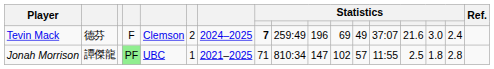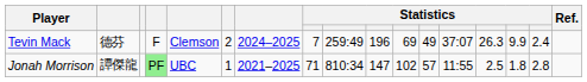 <table class="wikitable sortable" style="font-size:95%; text-align:right;">
 <tr>
 <th rowspan="2">Player</th>
 <th rowspan="2"></th>
 <th rowspan="2"></th>
 <th rowspan="2"></th>
 <th rowspan="2"></th>
 <th rowspan="2"></th>
 <th rowspan="2"></th>
 <th colspan="9">Statistics</th>
 <th rowspan="2">Ref.</th>
 </tr>
 <tr>
 <th></th>
 <th></th>
 <th></th>
 <th></th>
 <th></th>
 <th></th>
 <th></th>
 <th></th>
 <th></th>
 </tr>
 <tr>
 <td align="left"><a href='#'>Tevin Mack</a></td>
 <td align="left">德芬</td>
 <td align="center"></td>
 <td align="center">F</td>
 <td align="left"><a href='#'>Clemson</a></td>
 <td align="center">2</td>
 <td align="center"><a href='#'>2024–2025</a></td>
-<td><strong>7</strong></td>
+<td>7</td>
 <td>259:49</td>
 <td>196</td>
 <td>69</td>
 <td>49</td>
 <td>37:07</td>
-<td>21.6</td>
-<td>3.0</td>
+<td>26.3</td>
+<td>9.9</td>
 <td>2.4</td>
 <td align="center"></td>
 </tr>
 <tr>
 <td align="left"><em>Jonah Morrison</em></td>
 <td align="left">譚傑龍</td>
 <td align="center"></td>
 <td align="center" style="background: lightgreen;">PF</td>
 <td align="left"><a href='#'>UBC</a></td>
 <td align="center">1</td>
 <td align="center"><a href='#'>2021</a>–<a href='#'>2025</a></td>
 <td>71</td>
 <td>810:34</td>
 <td>147</td>
 <td>102</td>
 <td>57</td>
 <td>11:55</td>
 <td>2.5</td>
 <td>1.8</td>
 <td>2.8</td>
 <td align="center"></td>
 </tr>
 </table>
